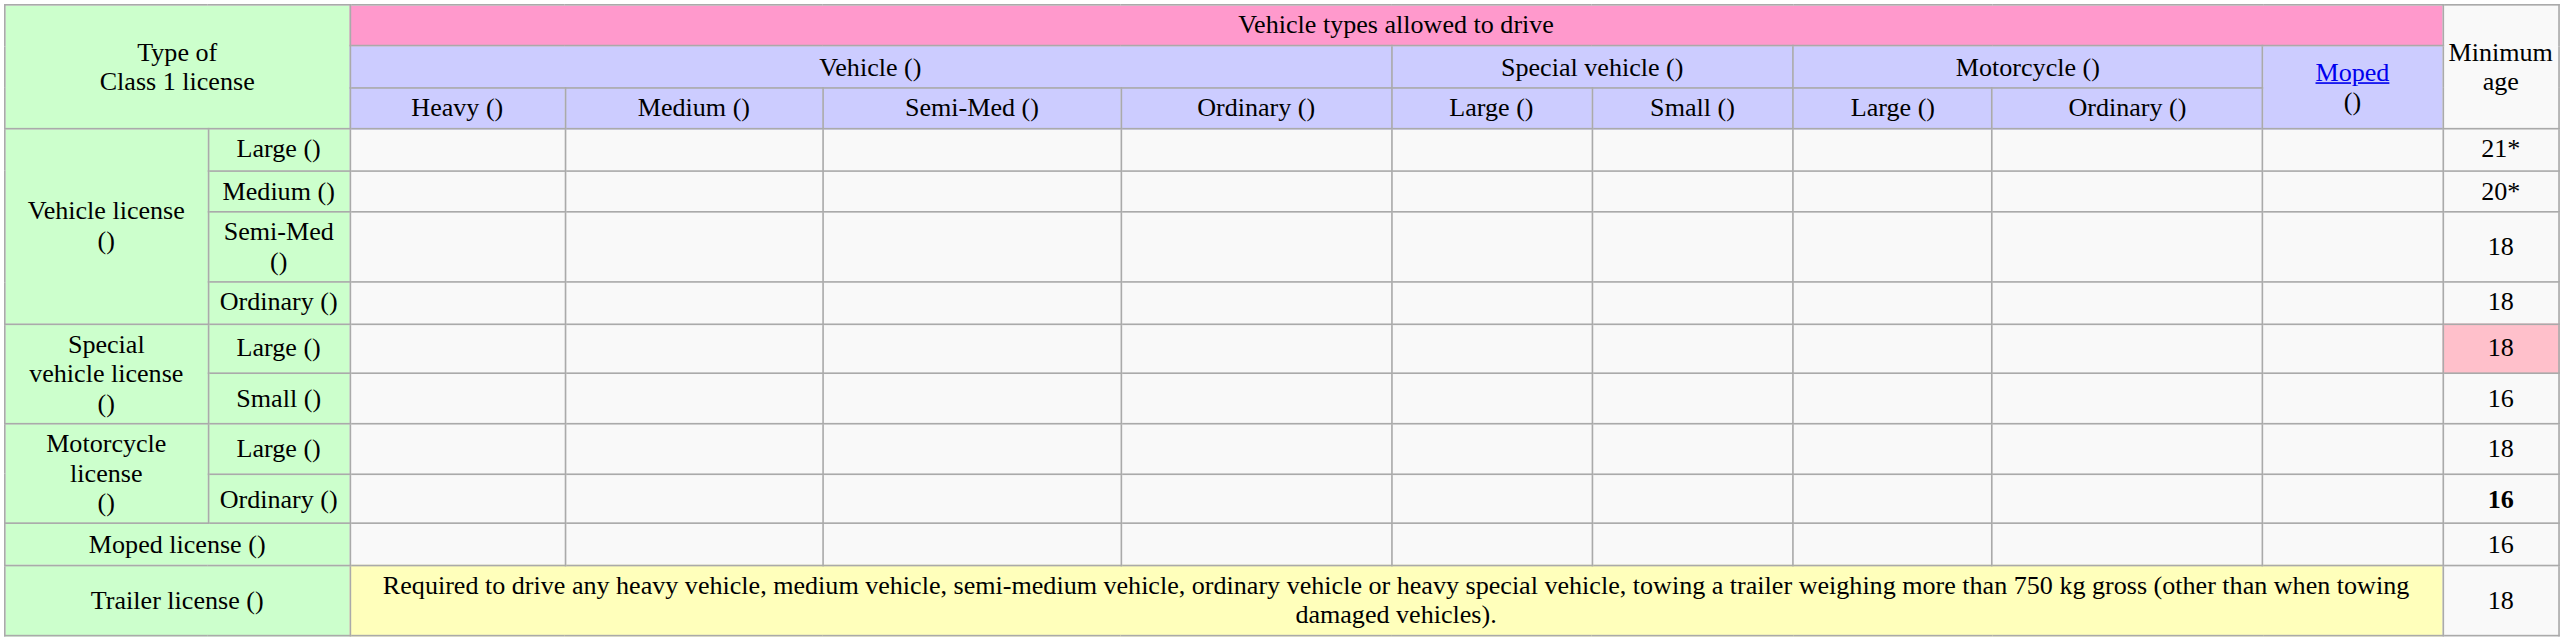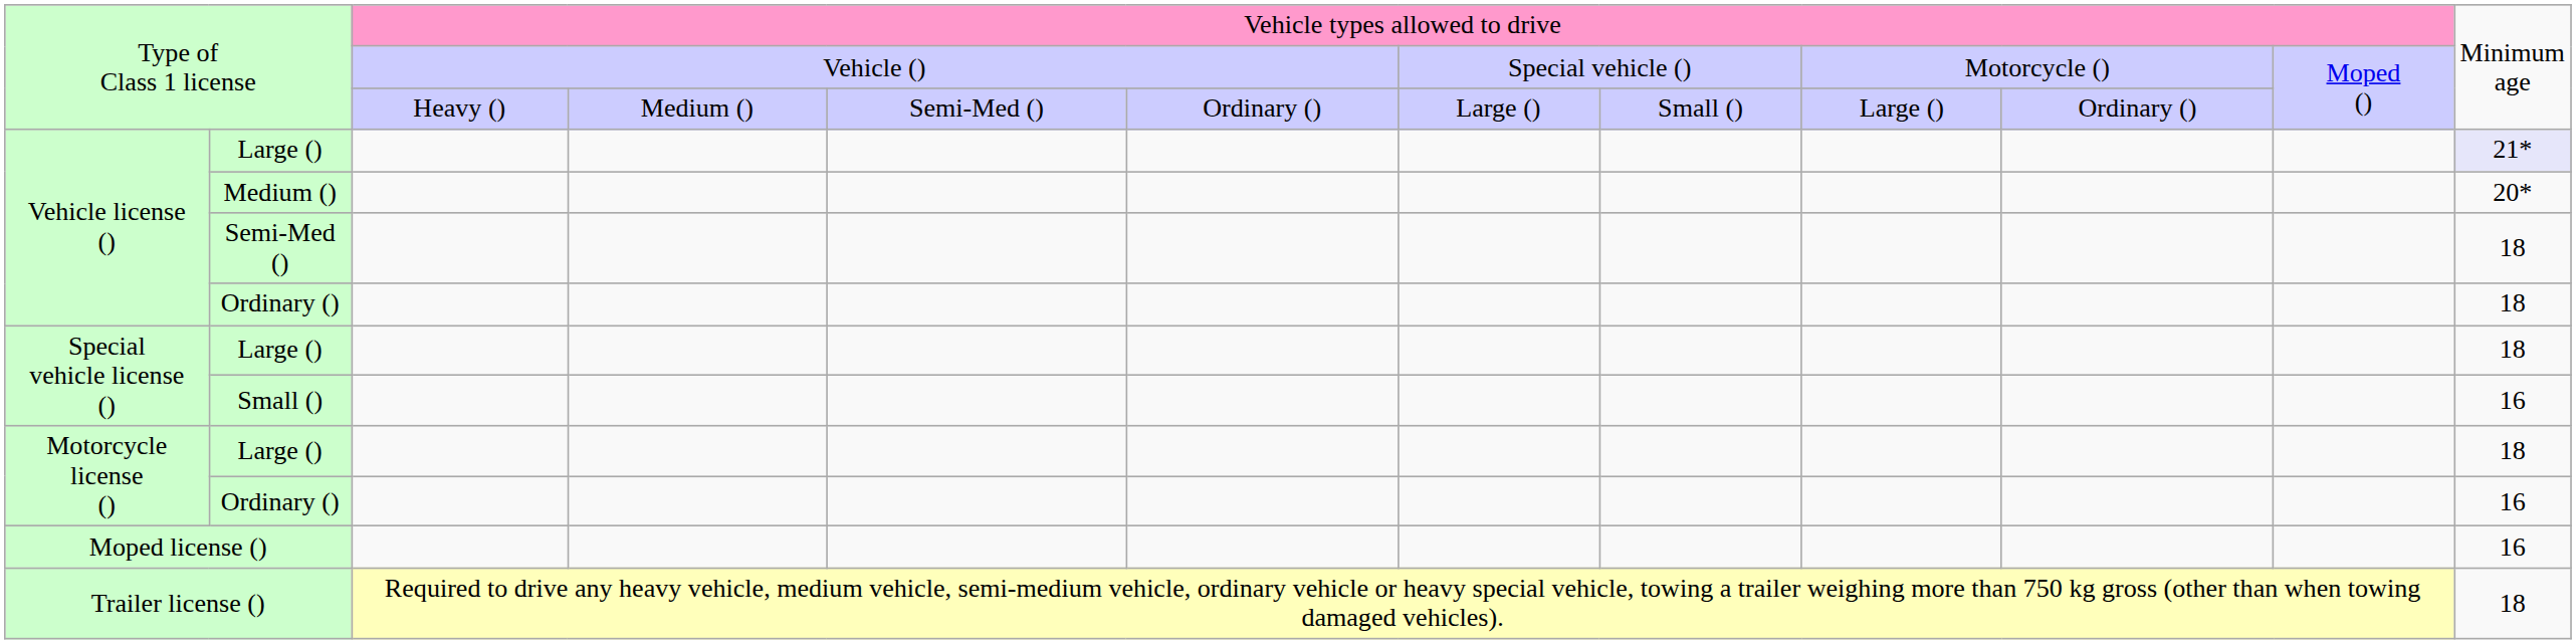 <table class=wikitable style="text-align: center;">
 <tr>
 <td rowspan=3 colspan=2 style="background:#ccffcc;">Type of<br>Class 1 license</td>
 <td colspan=9 style="background:#ff99cc;">Vehicle types allowed to drive</td>
 <td rowspan=3>Minimum<br>age</td>
 </tr>
 <tr style="background:#ccccff;">
 <td colspan=4>Vehicle ()</td>
 <td colspan=2>Special vehicle ()</td>
 <td colspan=2>Motorcycle ()</td>
 <td rowspan=2><a href='#'>Moped</a><br>()</td>
 </tr>
 <tr style="background:#ccccff;">
 <td>Heavy ()</td>
 <td>Medium ()</td>
 <td>Semi-Med ()</td>
 <td>Ordinary ()</td>
 <td>Large ()</td>
 <td>Small ()</td>
 <td>Large ()</td>
 <td>Ordinary ()</td>
 </tr>
 <tr>
 <td rowspan=4 style="background:#ccffcc;">Vehicle license<br>()</td>
 <td style="background:#ccffcc;">Large ()</td>
 <td></td>
 <td></td>
 <td></td>
 <td></td>
 <td></td>
 <td></td>
 <td></td>
 <td></td>
 <td></td>
-<td>21*</td>
+<td style="background: lavender;">21*</td>
 </tr>
 <tr>
 <td style="background:#ccffcc;">Medium ()</td>
 <td></td>
 <td></td>
 <td></td>
 <td></td>
 <td></td>
 <td></td>
 <td></td>
 <td></td>
 <td></td>
 <td>20*</td>
 </tr>
 <tr>
 <td style="background:#ccffcc;">Semi-Med ()</td>
 <td></td>
 <td></td>
 <td></td>
 <td></td>
 <td></td>
 <td></td>
 <td></td>
 <td></td>
 <td></td>
 <td>18</td>
 </tr>
 <tr>
 <td style="background:#ccffcc;">Ordinary ()</td>
 <td></td>
 <td></td>
 <td></td>
 <td></td>
 <td></td>
 <td></td>
 <td></td>
 <td></td>
 <td></td>
 <td>18</td>
 </tr>
 <tr>
 <td rowspan=2 style="background:#ccffcc;">Special<br>vehicle license<br>()</td>
 <td style="background:#ccffcc;">Large ()</td>
 <td></td>
 <td></td>
 <td></td>
 <td></td>
 <td></td>
 <td></td>
 <td></td>
 <td></td>
 <td></td>
-<td style="background: pink;">18</td>
+<td>18</td>
 </tr>
 <tr>
 <td style="background:#ccffcc;">Small ()</td>
 <td></td>
 <td></td>
 <td></td>
 <td></td>
 <td></td>
 <td></td>
 <td></td>
 <td></td>
 <td></td>
 <td>16</td>
 </tr>
 <tr>
 <td rowspan=2 style="background:#ccffcc;">Motorcycle license<br>()</td>
 <td style="background:#ccffcc;">Large ()</td>
 <td></td>
 <td></td>
 <td></td>
 <td></td>
 <td></td>
 <td></td>
 <td></td>
 <td></td>
 <td></td>
 <td>18</td>
 </tr>
 <tr>
 <td style="background:#ccffcc;">Ordinary ()</td>
 <td></td>
 <td></td>
 <td></td>
 <td></td>
 <td></td>
 <td></td>
 <td></td>
 <td></td>
 <td></td>
-<td><strong>16</strong></td>
+<td>16</td>
 </tr>
 <tr>
 <td colspan=2 style="background:#ccffcc;">Moped license ()</td>
 <td></td>
 <td></td>
 <td></td>
 <td></td>
 <td></td>
 <td></td>
 <td></td>
 <td></td>
 <td></td>
 <td>16</td>
 </tr>
 <tr>
 <td colspan=2 style="background:#ccffcc;">Trailer license ()</td>
 <td colspan=9 style="background:#FFFFBB;">Required to drive any heavy vehicle, medium vehicle, semi-medium vehicle, ordinary vehicle or heavy special vehicle, towing a trailer weighing more than 750 kg gross (other than when towing damaged vehicles).</td>
 <td>18</td>
 </tr>
 </table>
